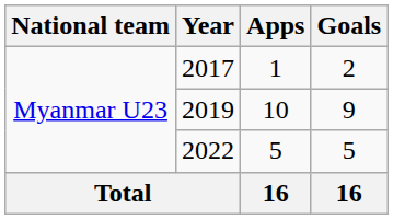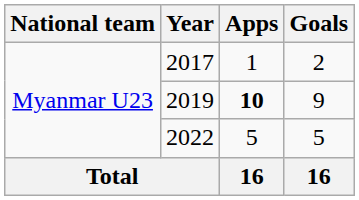 <table class=wikitable style=text-align:center>
 <tr>
 <th>National team</th>
 <th>Year</th>
 <th>Apps</th>
 <th>Goals</th>
 </tr>
 <tr>
 <td rowspan=3><a href='#'>Myanmar U23</a></td>
 <td>2017</td>
 <td>1</td>
 <td>2</td>
 </tr>
 <tr>
 <td>2019</td>
-<td>10</td>
+<td><strong>10</strong></td>
 <td>9</td>
 </tr>
 <tr>
 <td>2022</td>
 <td>5</td>
 <td>5</td>
 </tr>
 <tr>
 <th colspan=2>Total</th>
 <th>16</th>
 <th>16</th>
 </tr>
 </table>
